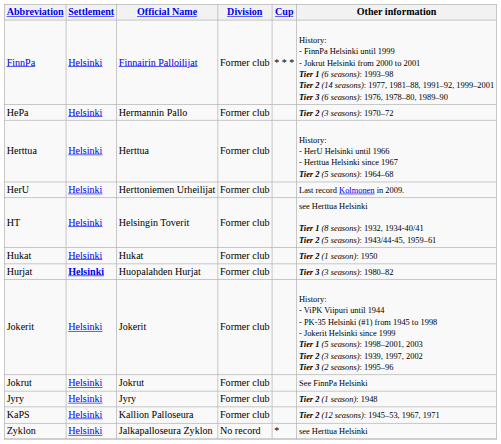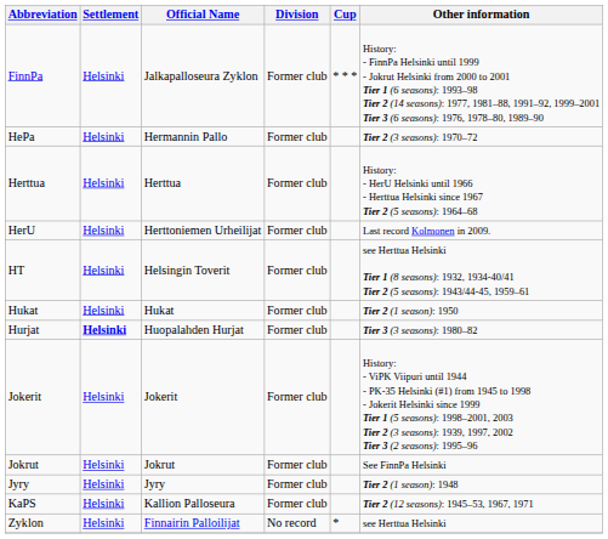 <table class="wikitable" style="text-align:left">
 <tr>
 <th style= width="120px"><a href='#'>Abbreviation</a></th>
 <th style= width="110px"><a href='#'>Settlement</a></th>
 <th style= width="200px"><a href='#'>Official Name</a></th>
 <th style= width="80px"><a href='#'>Division</a></th>
 <th style= width="40px"><a href='#'>Cup</a></th>
 <th style= width="300px">Other information</th>
 </tr>
 <tr>
 <td><a href='#'>FinnPa</a></td>
 <td><a href='#'>Helsinki</a></td>
-<td><a href='#'>Finnairin Palloilijat</a></td>
+<td>Jalkapalloseura Zyklon</td>
 <td>Former club</td>
 <td>* * *</td>
 <td><br><small>History:</small><br> <small>- FinnPa Helsinki until 1999</small><br> <small>- Jokrut Helsinki from 2000 to 2001</small><br> <small><strong><em>Tier 1</em></strong> <em>(6 seasons)</em>: 1993–98</small><br> <small><strong><em>Tier 2</em></strong> <em>(14 seasons)</em>: 1977, 1981–88, 1991–92, 1999–2001</small><br> <small><strong><em>Tier 3</em></strong> <em>(6 seasons)</em>: 1976, 1978–80, 1989–90</small><br></td>
 </tr>
 <tr>
 <td>HePa</td>
 <td><a href='#'>Helsinki</a></td>
 <td>Hermannin Pallo</td>
 <td>Former club</td>
 <td></td>
 <td><small><strong><em>Tier 2</em></strong> <em>(3 seasons)</em>: 1970–72</small><br></td>
 </tr>
 <tr>
 <td>Herttua</td>
 <td><a href='#'>Helsinki</a></td>
 <td>Herttua</td>
 <td>Former club</td>
 <td></td>
 <td><br><small>History:</small><br> <small>- HerU Helsinki until 1966</small><br> <small>- Herttua Helsinki since 1967</small><br> <small><strong><em>Tier 2</em></strong> <em>(5 seasons)</em>: 1964–68</small><br></td>
 </tr>
 <tr>
 <td>HerU</td>
 <td><a href='#'>Helsinki</a></td>
 <td>Herttoniemen Urheilijat</td>
 <td>Former club</td>
 <td></td>
 <td><small>Last record <a href='#'>Kolmonen</a> in 2009.</small><br></td>
 </tr>
 <tr>
 <td>HT</td>
 <td><a href='#'>Helsinki</a></td>
 <td>Helsingin Toverit</td>
 <td>Former club</td>
 <td></td>
 <td><small>see Herttua Helsinki</small><br><br><small><strong><em>Tier 1</em></strong> <em>(8 seasons)</em>: 1932, 1934-40/41</small><br> <small><strong><em>Tier 2</em></strong> <em>(5 seasons)</em>: 1943/44-45, 1959–61</small><br></td>
 </tr>
 <tr>
 <td>Hukat</td>
 <td><a href='#'>Helsinki</a></td>
 <td>Hukat</td>
 <td>Former club</td>
 <td></td>
 <td><small><strong><em>Tier 2</em></strong> <em>(1 season)</em>: 1950</small><br></td>
 </tr>
 <tr>
 <td>Hurjat</td>
 <td><strong><a href='#'>Helsinki</a></strong></td>
 <td>Huopalahden Hurjat</td>
 <td>Former club</td>
 <td></td>
 <td><small><strong><em>Tier 3</em></strong> <em>(3 seasons)</em>: 1980–82</small><br></td>
 </tr>
 <tr>
 <td>Jokerit</td>
 <td><a href='#'>Helsinki</a></td>
 <td>Jokerit</td>
 <td>Former club</td>
 <td></td>
 <td><br><small>History:</small><br> <small>- ViPK Viipuri until 1944</small><br> <small>- PK-35 Helsinki (#1) from 1945 to 1998</small><br> <small>- Jokerit Helsinki since 1999</small><br> <small><strong><em>Tier 1</em></strong> <em>(5 seasons)</em>: 1998–2001, 2003</small><br> <small><strong><em>Tier 2</em></strong> <em>(3 seasons)</em>: 1939, 1997, 2002</small><br> <small><strong><em>Tier 3</em></strong> <em>(2 seasons)</em>: 1995–96</small><br></td>
 </tr>
 <tr>
 <td>Jokrut</td>
 <td><a href='#'>Helsinki</a></td>
 <td>Jokrut</td>
 <td>Former club</td>
 <td></td>
 <td><small>See FinnPa Helsinki</small><br></td>
 </tr>
 <tr>
 <td>Jyry</td>
 <td><a href='#'>Helsinki</a></td>
 <td>Jyry</td>
 <td>Former club</td>
 <td></td>
 <td><small><strong><em>Tier 2</em></strong> <em>(1 season)</em>: 1948</small><br></td>
 </tr>
 <tr>
 <td>KaPS</td>
 <td><a href='#'>Helsinki</a></td>
 <td>Kallion Palloseura</td>
 <td>Former club</td>
 <td></td>
 <td><small><strong><em>Tier 2</em></strong> <em>(12 seasons)</em>: 1945–53, 1967, 1971</small><br></td>
 </tr>
 <tr>
 <td>Zyklon</td>
 <td><a href='#'>Helsinki</a></td>
-<td>Jalkapalloseura Zyklon</td>
+<td><a href='#'>Finnairin Palloilijat</a></td>
 <td>No record</td>
 <td>*</td>
 <td><small>see Herttua Helsinki</small><br></td>
 </tr>
 <tr>
 </tr>
 </table>
